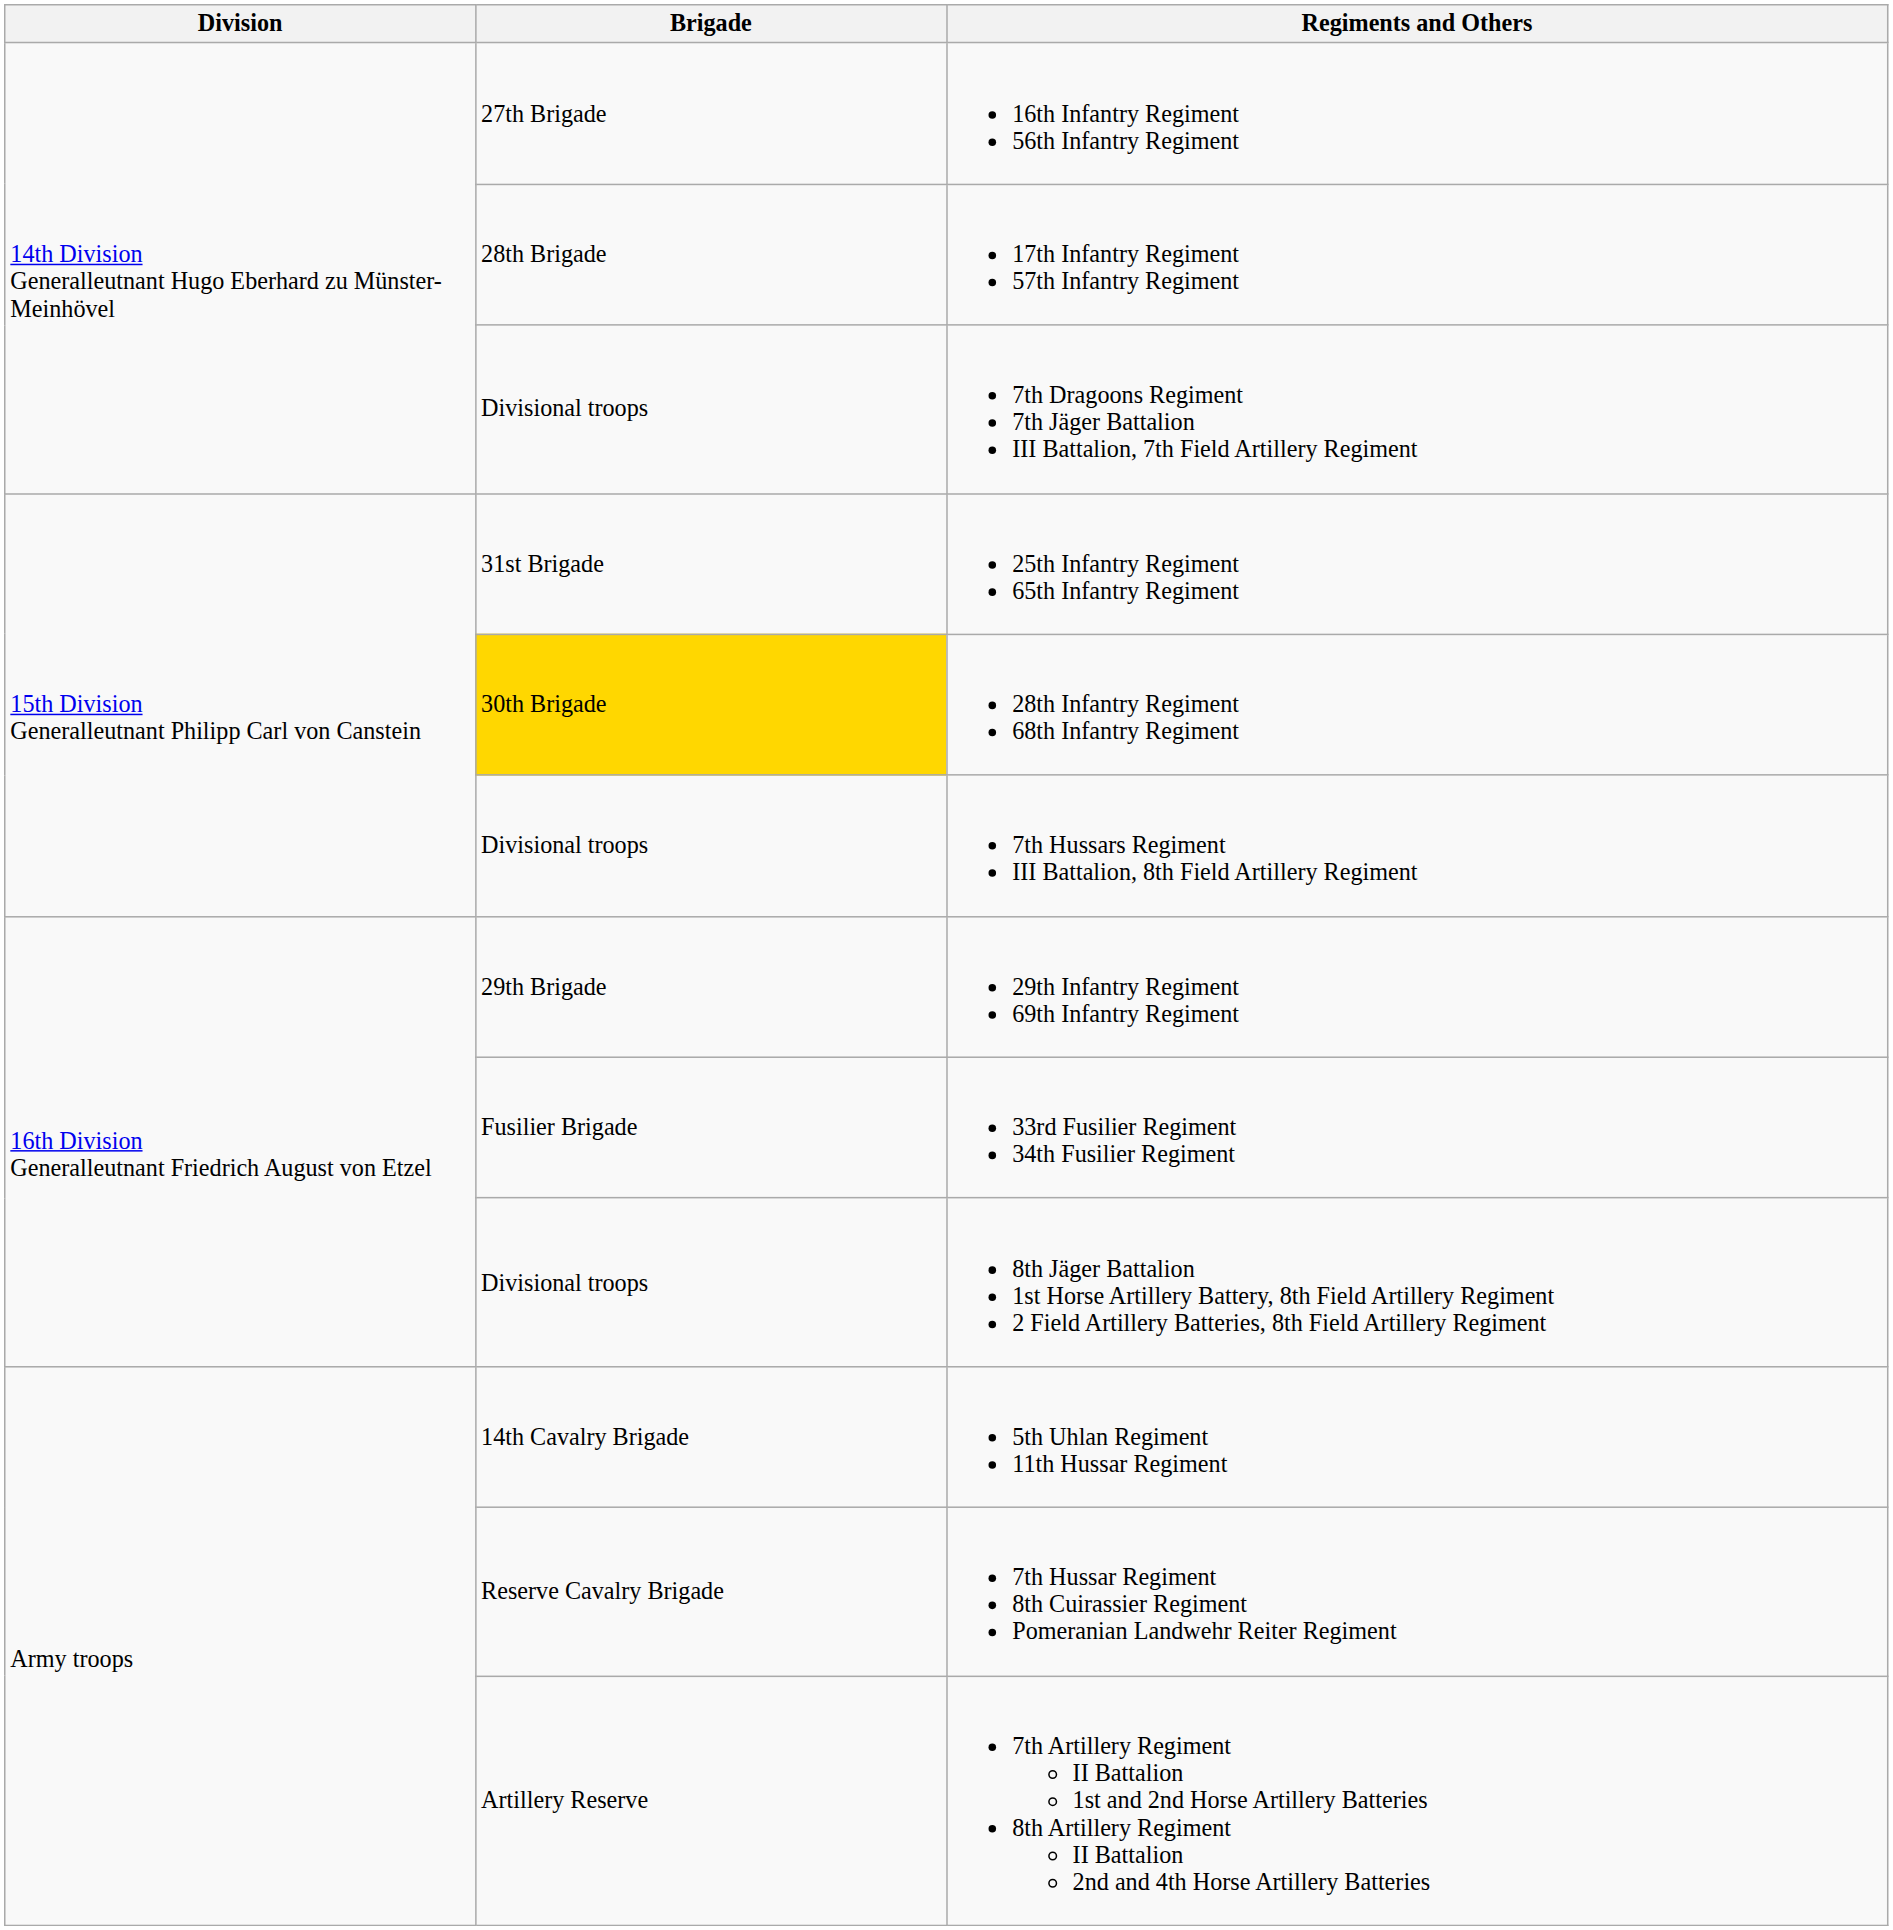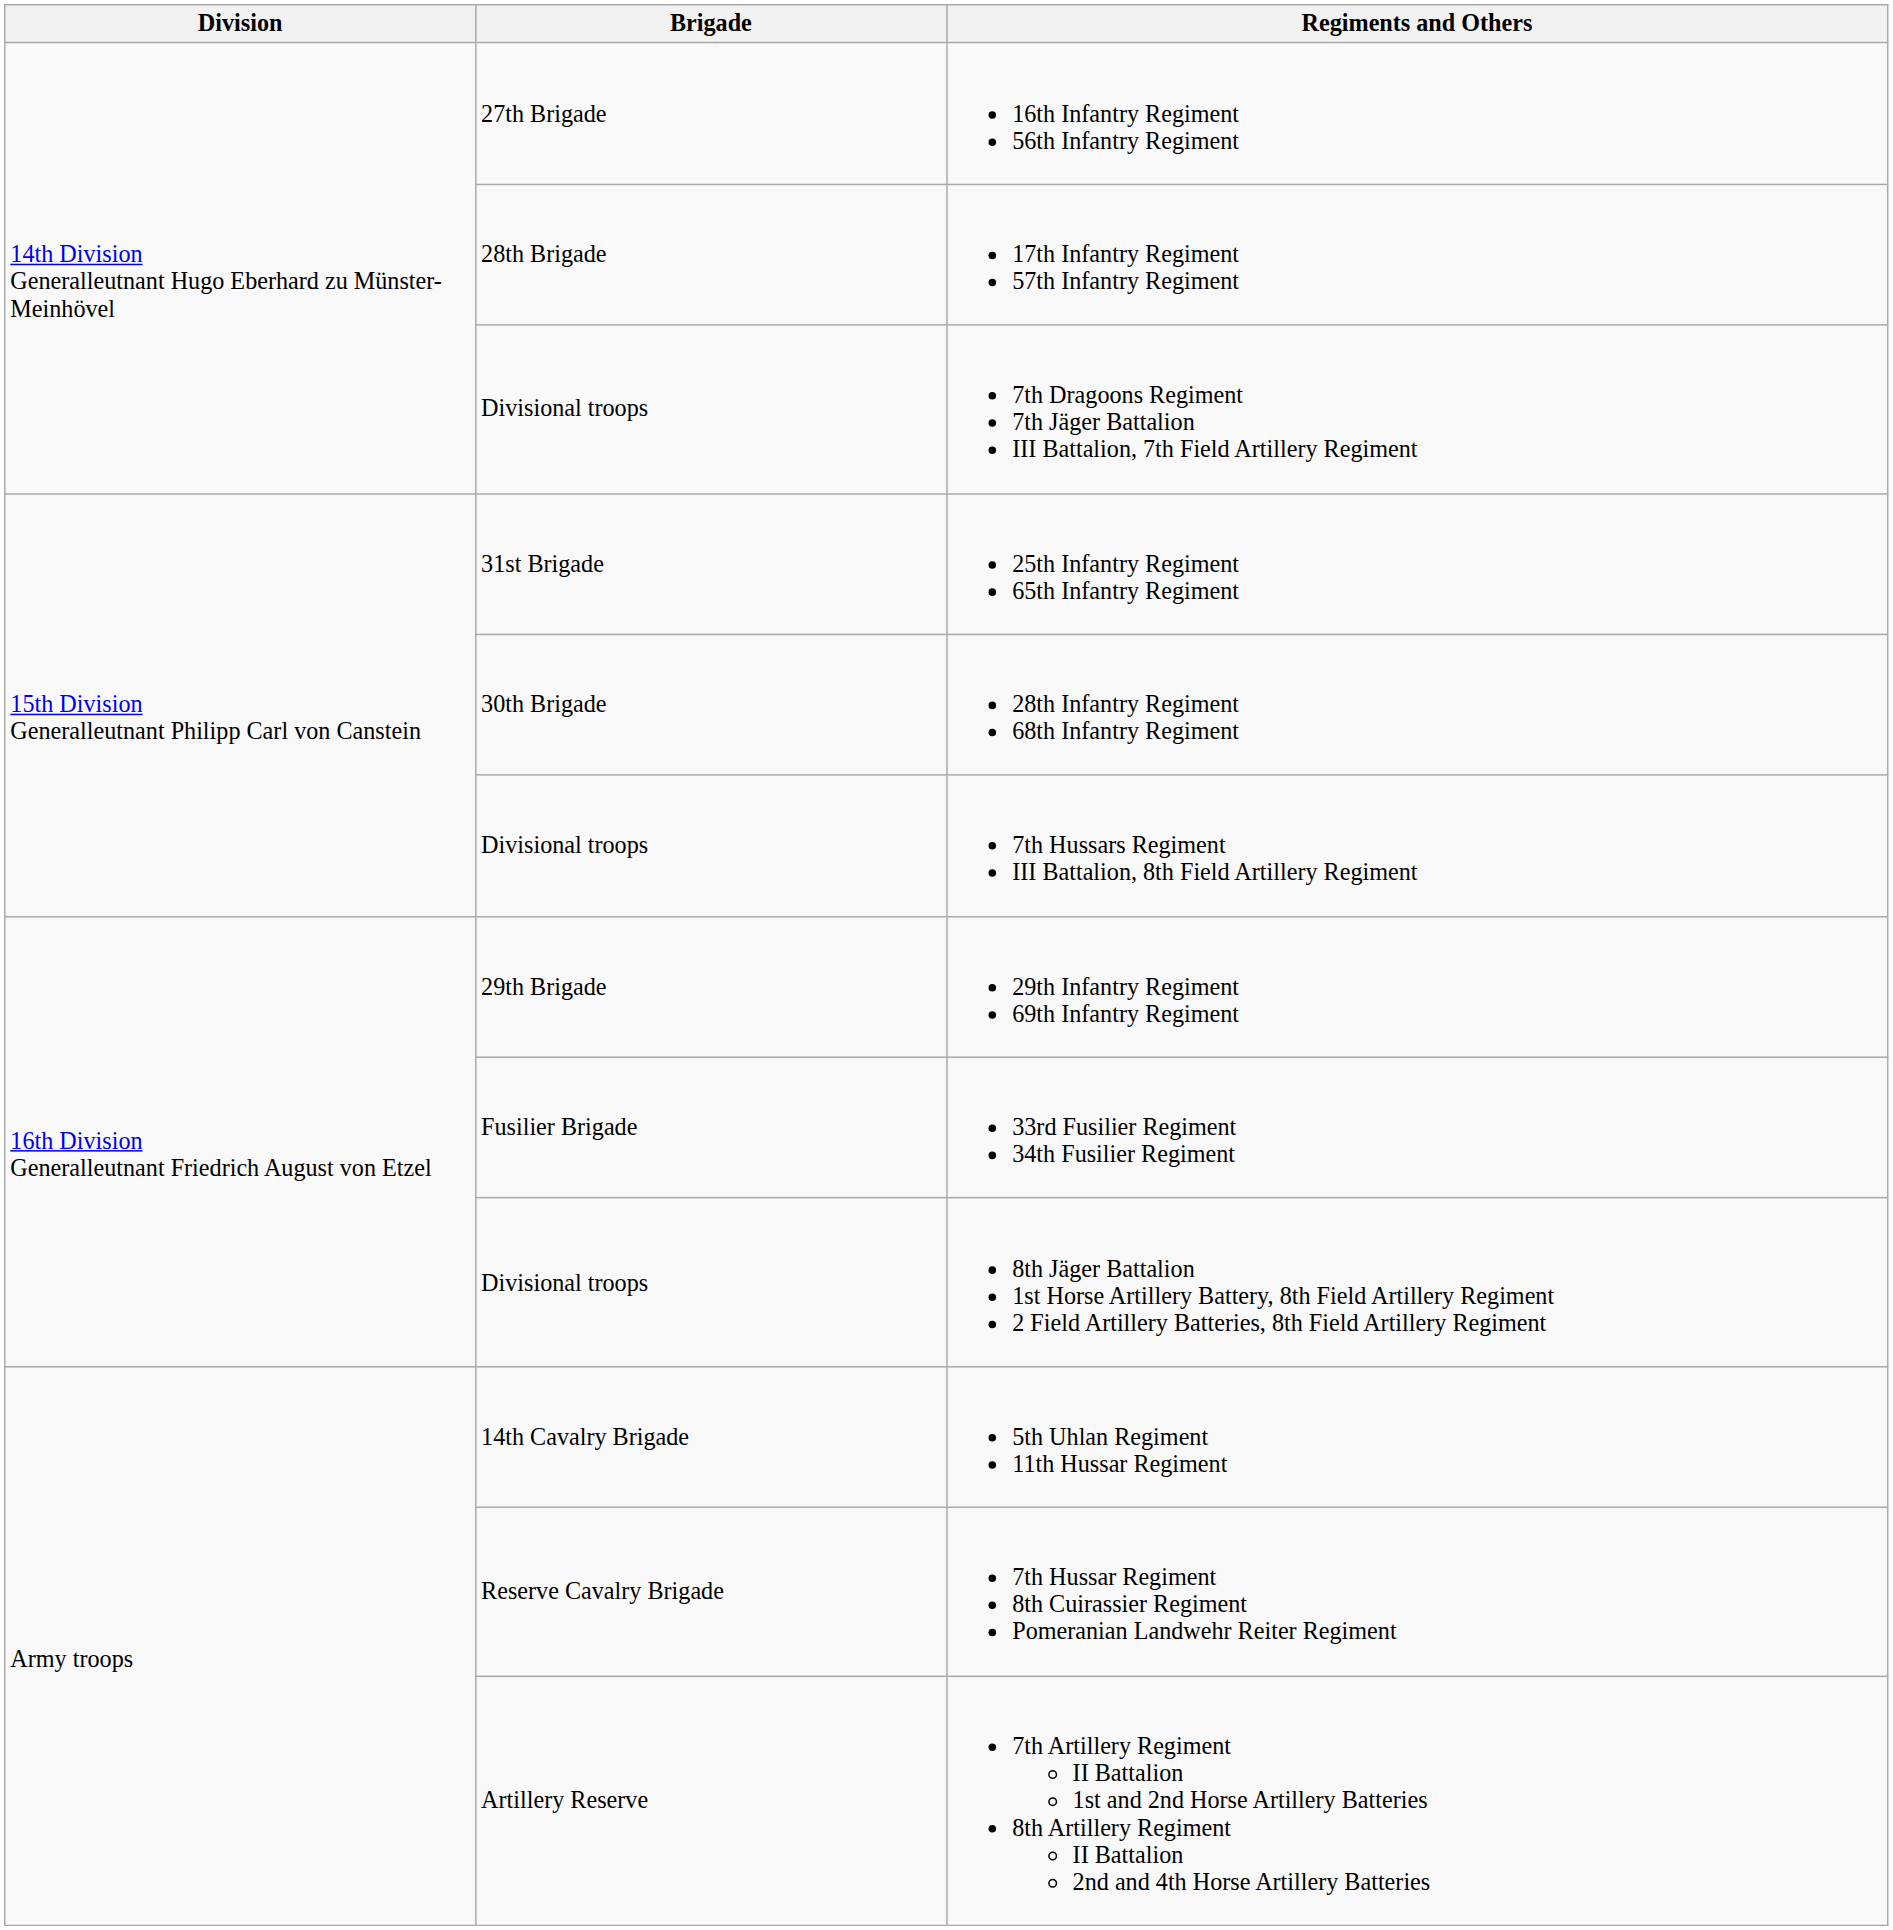 <table class="wikitable">
 <tr>
 <th style="width:25%;">Division</th>
 <th style="width:25%;">Brigade</th>
 <th>Regiments and Others</th>
 </tr>
 <tr>
 <td rowspan=3><br><a href='#'>14th Division</a> <br> Generalleutnant Hugo Eberhard zu Münster-Meinhövel</td>
 <td>27th Brigade</td>
 <td><br><ul><li>16th Infantry Regiment</li><li>56th Infantry Regiment</li></ul></td>
 </tr>
 <tr>
 <td>28th Brigade</td>
 <td><br><ul><li>17th Infantry Regiment</li><li>57th Infantry Regiment</li></ul></td>
 </tr>
 <tr>
 <td>Divisional troops</td>
 <td><br><ul><li>7th Dragoons Regiment</li><li>7th Jäger Battalion</li><li>III Battalion, 7th Field Artillery Regiment</li></ul></td>
 </tr>
 <tr>
 <td rowspan=3><br><a href='#'>15th Division</a> <br> Generalleutnant Philipp Carl von Canstein</td>
 <td>31st Brigade</td>
 <td><br><ul><li>25th Infantry Regiment</li><li>65th Infantry Regiment</li></ul></td>
 </tr>
 <tr>
-<td style="background: gold;">30th Brigade</td>
+<td>30th Brigade</td>
 <td><br><ul><li>28th Infantry Regiment</li><li>68th Infantry Regiment</li></ul></td>
 </tr>
 <tr>
 <td>Divisional troops</td>
 <td><br><ul><li>7th Hussars Regiment</li><li>III Battalion, 8th Field Artillery Regiment</li></ul></td>
 </tr>
 <tr>
 <td rowspan=3><br><a href='#'>16th Division</a> <br> Generalleutnant Friedrich August von Etzel</td>
 <td>29th Brigade</td>
 <td><br><ul><li>29th Infantry Regiment</li><li>69th Infantry Regiment</li></ul></td>
 </tr>
 <tr>
 <td>Fusilier Brigade</td>
 <td><br><ul><li>33rd Fusilier Regiment</li><li>34th Fusilier Regiment</li></ul></td>
 </tr>
 <tr>
 <td>Divisional troops</td>
 <td><br><ul><li>8th Jäger Battalion</li><li>1st Horse Artillery Battery, 8th Field Artillery Regiment</li><li>2 Field Artillery Batteries, 8th Field Artillery Regiment</li></ul></td>
 </tr>
 <tr>
 <td rowspan=3><br>Army troops</td>
 <td>14th Cavalry Brigade</td>
 <td><br><ul><li>5th Uhlan Regiment</li><li>11th Hussar Regiment</li></ul></td>
 </tr>
 <tr>
 <td>Reserve Cavalry Brigade</td>
 <td><br><ul><li>7th Hussar Regiment</li><li>8th Cuirassier Regiment</li><li>Pomeranian Landwehr Reiter Regiment</li></ul></td>
 </tr>
 <tr>
 <td>Artillery Reserve</td>
 <td><br><ul><li>7th Artillery Regiment<ul><li>II Battalion</li><li>1st and 2nd Horse Artillery Batteries</li></ul></li><li>8th Artillery Regiment<ul><li>II Battalion</li><li>2nd and 4th Horse Artillery Batteries</li></ul></li></ul></td>
 </tr>
 </table>
